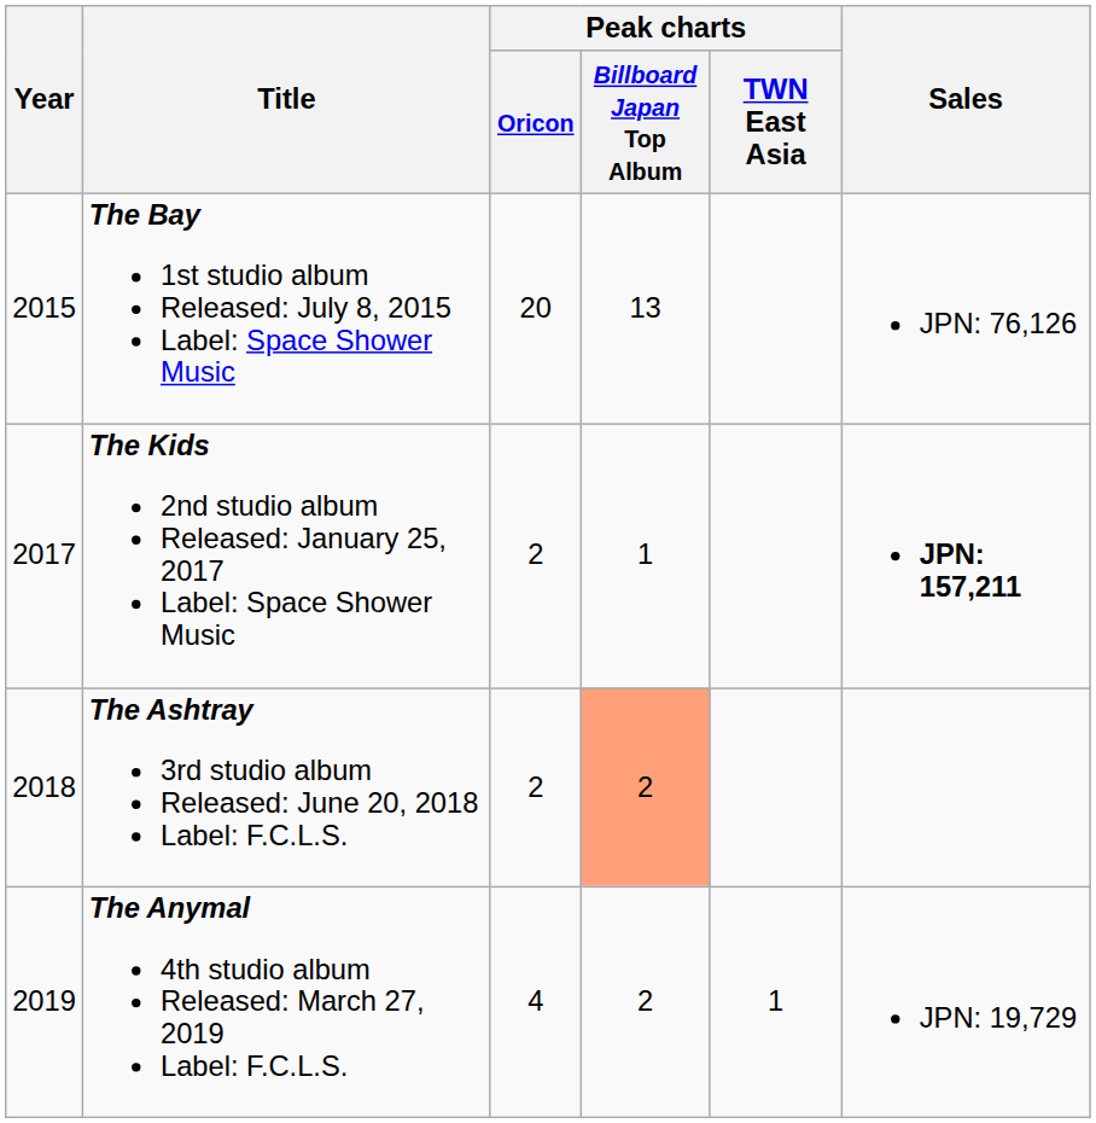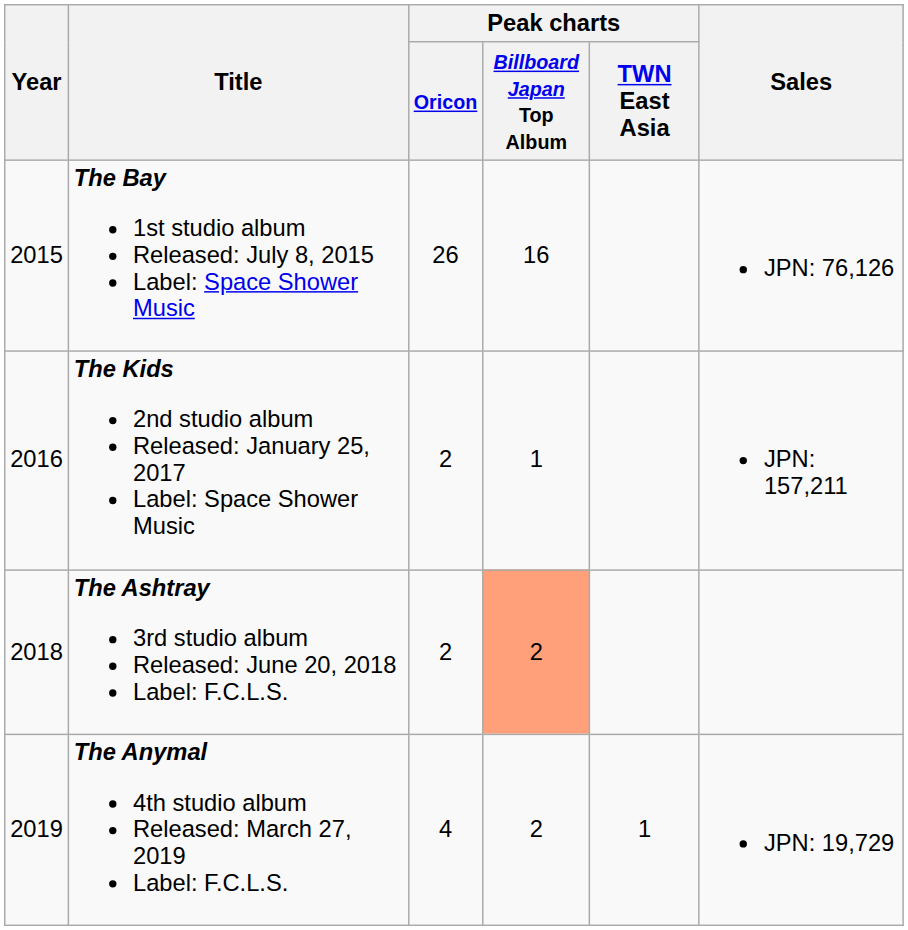 <table class="wikitable">
 <tr>
 <th rowspan="2">Year</th>
 <th rowspan="2">Title</th>
 <th colspan="3">Peak charts</th>
 <th rowspan="2">Sales</th>
 </tr>
 <tr>
 <th style="width:35px;"><small><a href='#'>Oricon</a></small></th>
 <th style="width:65px;"><small><em><a href='#'>Billboard Japan</a></em> Top Album</small></th>
 <th><a href='#'>TWN</a><br>East Asia</th>
 </tr>
 <tr>
 <td>2015</td>
 <td><strong><em>The Bay</em></strong><br><ul><li>1st studio album</li><li>Released: July 8, 2015</li><li>Label: <a href='#'>Space Shower Music</a></li></ul></td>
-<td style="text-align:center;">20</td>
-<td style="text-align:center;">13</td>
+<td style="text-align:center;">26</td>
+<td style="text-align:center;">16</td>
 <td></td>
 <td><br><ul><li>JPN: 76,126</li></ul></td>
 </tr>
 <tr>
-<td>2017</td>
+<td>2016</td>
 <td><strong><em>The Kids</em></strong><br><ul><li>2nd studio album</li><li>Released: January 25, 2017</li><li>Label: Space Shower Music</li></ul></td>
 <td style="text-align:center;">2</td>
 <td style="text-align:center;">1</td>
 <td></td>
-<td><strong><br><ul><li>JPN: 157,211</li></ul></strong></td>
+<td><br><ul><li>JPN: 157,211</li></ul></td>
 </tr>
 <tr>
 <td>2018</td>
 <td><strong><em>The Ashtray</em></strong><br><ul><li>3rd studio album</li><li>Released: June 20, 2018</li><li>Label: F.C.L.S.</li></ul></td>
 <td style="text-align:center;">2</td>
 <td style="background: lightsalmon; text-align:center;">2</td>
 <td></td>
 <td></td>
 </tr>
 <tr>
 <td>2019</td>
 <td><strong><em>The Anymal</em></strong><br><ul><li>4th studio album</li><li>Released: March 27, 2019</li><li>Label: F.C.L.S.</li></ul></td>
 <td style="text-align:center;">4</td>
 <td style="text-align:center;">2</td>
 <td style="text-align:center;">1</td>
 <td><br><ul><li>JPN: 19,729</li></ul></td>
 </tr>
 </table>
